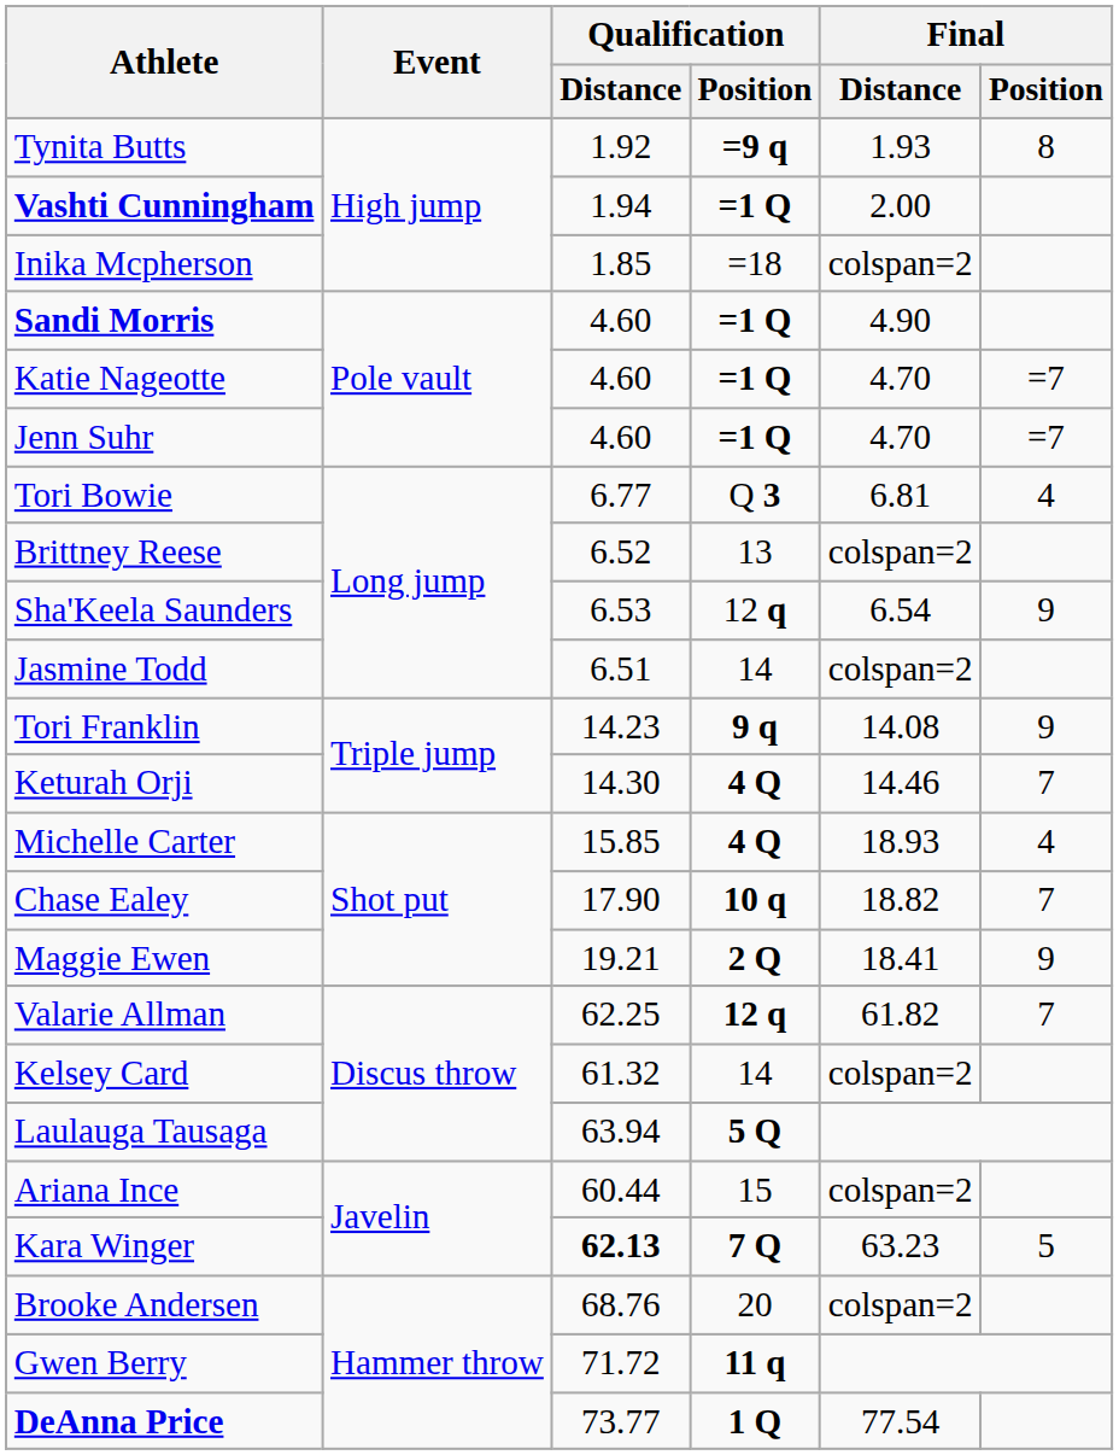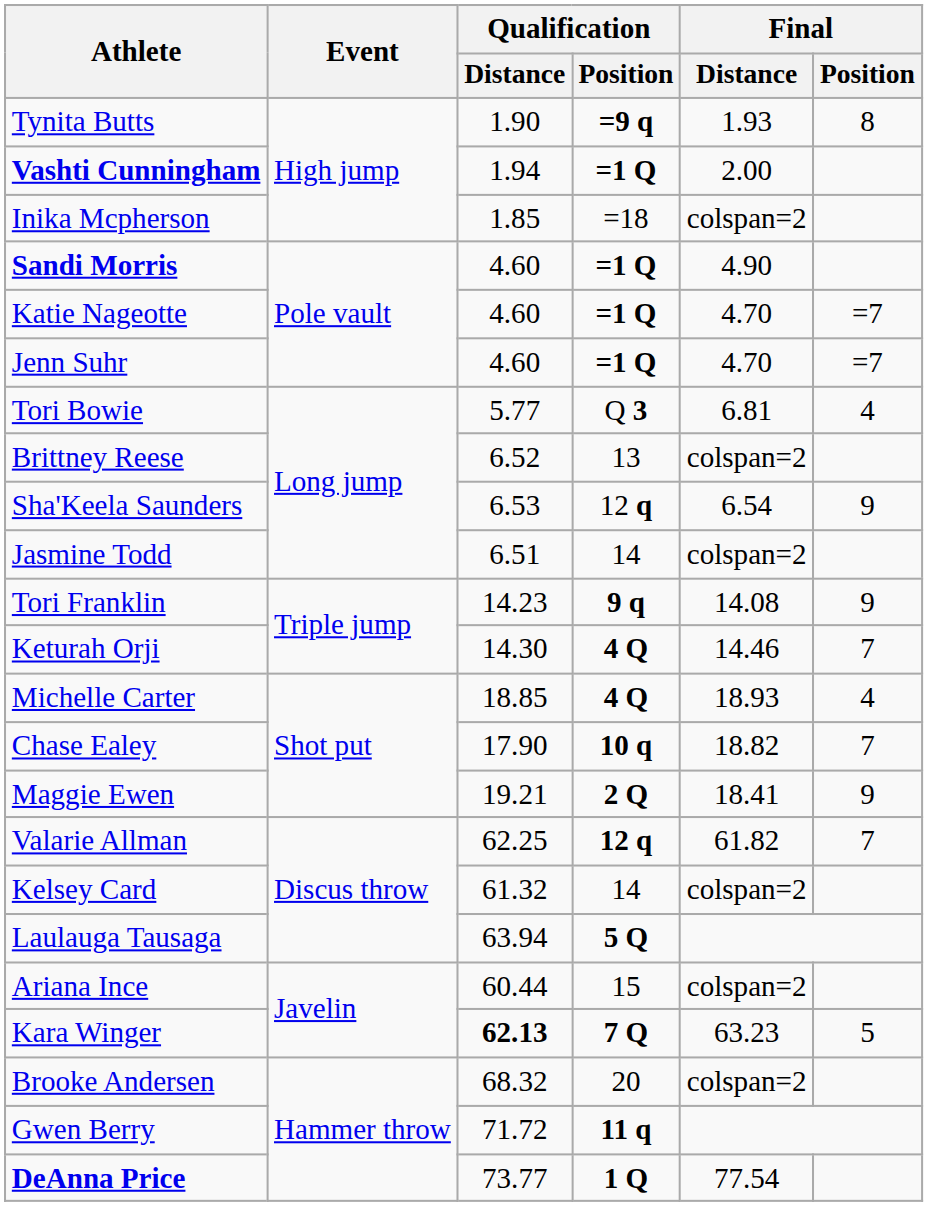 <table class=wikitable style=font-size:90%>
 <tr>
 <th rowspan=2>Athlete</th>
 <th rowspan=2>Event</th>
 <th colspan=2>Qualification</th>
 <th colspan=2>Final</th>
 </tr>
 <tr style=font-size:95%>
 <th>Distance</th>
 <th>Position</th>
 <th>Distance</th>
 <th>Position</th>
 </tr>
 <tr align=center>
 <td align=left><a href='#'>Tynita Butts</a></td>
 <td align=left rowspan=3><a href='#'>High jump</a></td>
-<td>1.92 </td>
+<td>1.90 </td>
 <td><strong>=9 q</strong></td>
 <td>1.93</td>
 <td>8</td>
 </tr>
 <tr align=center>
 <td align=left><strong><a href='#'>Vashti Cunningham</a></strong></td>
 <td>1.94</td>
 <td><strong>=1 Q</strong></td>
 <td>2.00</td>
 <td></td>
 </tr>
 <tr align=center>
 <td align=left><a href='#'>Inika Mcpherson</a></td>
 <td>1.85</td>
 <td>=18</td>
 <td>colspan=2 </td>
 </tr>
 <tr align=center>
 <td align=left><strong><a href='#'>Sandi Morris</a></strong></td>
 <td align=left rowspan=3><a href='#'>Pole vault</a></td>
 <td>4.60</td>
 <td><strong>=1 Q</strong></td>
 <td>4.90</td>
 <td></td>
 </tr>
 <tr align=center>
 <td align=left><a href='#'>Katie Nageotte</a></td>
 <td>4.60</td>
 <td><strong>=1 Q</strong></td>
 <td>4.70</td>
 <td>=7</td>
 </tr>
 <tr align=center>
 <td align=left><a href='#'>Jenn Suhr</a></td>
 <td>4.60</td>
 <td><strong>=1 Q</strong></td>
 <td>4.70</td>
 <td>=7</td>
 </tr>
 <tr align=center>
 <td align=left><a href='#'>Tori Bowie</a></td>
 <td align=left rowspan=4><a href='#'>Long jump</a></td>
-<td>6.77</td>
+<td>5.77</td>
 <td>Q <strong>3</strong></td>
 <td>6.81</td>
 <td>4</td>
 </tr>
 <tr align=center>
 <td align=left><a href='#'>Brittney Reese</a></td>
 <td>6.52</td>
 <td>13</td>
 <td>colspan=2 </td>
 </tr>
 <tr align=center>
 <td align=left><a href='#'>Sha'Keela Saunders</a></td>
 <td>6.53</td>
 <td>12 <strong>q</strong></td>
 <td>6.54</td>
 <td>9</td>
 </tr>
 <tr align=center>
 <td align=left><a href='#'>Jasmine Todd</a></td>
 <td>6.51</td>
 <td>14</td>
 <td>colspan=2 </td>
 </tr>
 <tr align=center>
 <td align=left><a href='#'>Tori Franklin</a></td>
 <td align=left rowspan=2><a href='#'>Triple jump</a></td>
 <td>14.23</td>
 <td><strong>9 q</strong></td>
 <td>14.08</td>
 <td>9</td>
 </tr>
 <tr align=center>
 <td align=left><a href='#'>Keturah Orji</a></td>
 <td>14.30</td>
 <td><strong>4 Q</strong></td>
 <td>14.46</td>
 <td>7</td>
 </tr>
 <tr align=center>
 <td align=left><a href='#'>Michelle Carter</a></td>
 <td align=left rowspan=3><a href='#'>Shot put</a></td>
-<td>15.85</td>
+<td>18.85</td>
 <td><strong>4 Q</strong></td>
 <td>18.93</td>
 <td>4</td>
 </tr>
 <tr align=center>
 <td align=left><a href='#'>Chase Ealey</a></td>
 <td>17.90</td>
 <td><strong>10 q</strong></td>
 <td>18.82</td>
 <td>7</td>
 </tr>
 <tr align=center>
 <td align=left><a href='#'>Maggie Ewen</a></td>
 <td>19.21</td>
 <td><strong>2 Q</strong></td>
 <td>18.41</td>
 <td>9</td>
 </tr>
 <tr align=center>
 <td align=left><a href='#'>Valarie Allman</a></td>
 <td align=left  rowspan=3><a href='#'>Discus throw</a></td>
 <td>62.25</td>
 <td><strong>12 q</strong></td>
 <td>61.82</td>
 <td>7</td>
 </tr>
 <tr align=center>
 <td align=left><a href='#'>Kelsey Card</a></td>
 <td>61.32</td>
 <td>14</td>
 <td>colspan=2 </td>
 </tr>
 <tr align=center>
 <td align=left><a href='#'>Laulauga Tausaga</a></td>
 <td>63.94</td>
 <td><strong>5 Q</strong></td>
 <td colspan=2></td>
 </tr>
 <tr align=center>
 <td align=left><a href='#'>Ariana Ince</a></td>
 <td align=left rowspan=2><a href='#'>Javelin</a></td>
 <td>60.44</td>
 <td>15</td>
 <td>colspan=2 </td>
 </tr>
 <tr align=center>
 <td align=left><a href='#'>Kara Winger</a></td>
 <td><strong>62.13</strong></td>
 <td><strong>7 Q</strong></td>
 <td>63.23</td>
 <td>5</td>
 </tr>
 <tr align=center>
 <td align=left><a href='#'>Brooke Andersen</a></td>
 <td align=left  rowspan=3><a href='#'>Hammer throw</a></td>
-<td>68.76</td>
+<td>68.32</td>
 <td>20</td>
 <td>colspan=2 </td>
 </tr>
 <tr align=center>
 <td align=left><a href='#'>Gwen Berry</a></td>
 <td>71.72</td>
 <td><strong>11 q</strong></td>
 <td colspan=2></td>
 </tr>
 <tr align=center>
 <td align=left><strong><a href='#'>DeAnna Price</a></strong></td>
 <td>73.77</td>
 <td><strong>1 Q</strong></td>
 <td>77.54</td>
 <td></td>
 </tr>
 </table>
